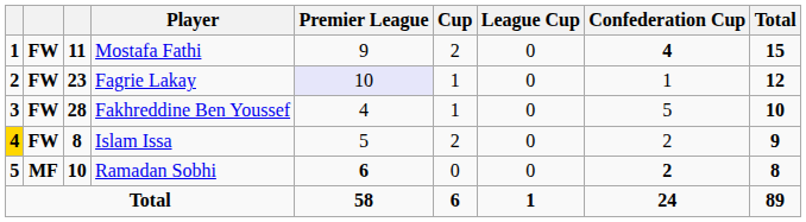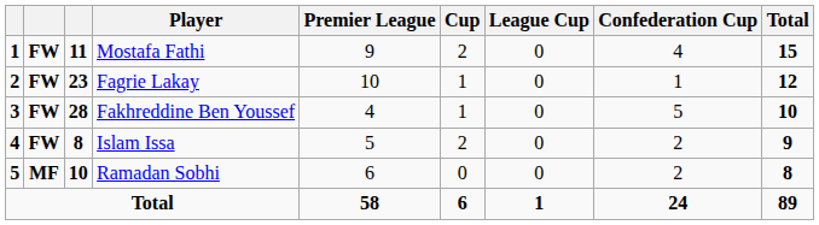 <table class="wikitable sortable" style="text-align:center">
 <tr>
 <th></th>
 <th></th>
 <th></th>
 <th>Player</th>
 <th>Premier League</th>
 <th>Cup</th>
 <th>League Cup</th>
 <th>Confederation Cup</th>
 <th><strong>Total</strong></th>
 </tr>
 <tr>
 <td><strong>1</strong></td>
 <td><strong>FW</strong></td>
 <td><strong>11</strong></td>
 <td style="text-align:left;"> <a href='#'>Mostafa Fathi</a></td>
 <td>9</td>
 <td>2</td>
 <td>0</td>
-<td><strong>4</strong></td>
+<td>4</td>
 <td><strong>15</strong></td>
 </tr>
 <tr>
 <td><strong>2</strong></td>
 <td><strong>FW</strong></td>
 <td><strong>23</strong></td>
 <td style="text-align:left;"> <a href='#'>Fagrie Lakay</a></td>
-<td style="background: lavender;">10</td>
+<td>10</td>
 <td>1</td>
 <td>0</td>
 <td>1</td>
 <td><strong>12</strong></td>
 </tr>
 <tr>
 <td><strong>3</strong></td>
 <td><strong>FW</strong></td>
 <td><strong>28</strong></td>
 <td style="text-align:left;"> <a href='#'>Fakhreddine Ben Youssef</a></td>
 <td>4</td>
 <td>1</td>
 <td>0</td>
 <td>5</td>
 <td><strong>10</strong></td>
 </tr>
 <tr>
-<td style="background: gold;"><strong>4</strong></td>
+<td><strong>4</strong></td>
 <td><strong>FW</strong></td>
 <td><strong>8</strong></td>
 <td style="text-align:left;"> <a href='#'>Islam Issa</a></td>
 <td>5</td>
 <td>2</td>
 <td>0</td>
 <td>2</td>
 <td><strong>9</strong></td>
 </tr>
 <tr>
 <td><strong>5</strong></td>
 <td><strong>MF</strong></td>
 <td><strong>10</strong></td>
 <td style="text-align:left;"> <a href='#'>Ramadan Sobhi</a></td>
-<td><strong>6</strong></td>
+<td>6</td>
 <td>0</td>
 <td>0</td>
-<td><strong>2</strong></td>
+<td>2</td>
 <td><strong>8</strong></td>
 </tr>
 <tr>
 </tr>
 <tr class="sortbottom">
 <td colspan="4"><strong>Total</strong></td>
 <td><strong>58</strong></td>
 <td><strong>6</strong></td>
 <td><strong>1</strong></td>
 <td><strong>24</strong></td>
 <td><strong>89</strong></td>
 </tr>
 </table>
